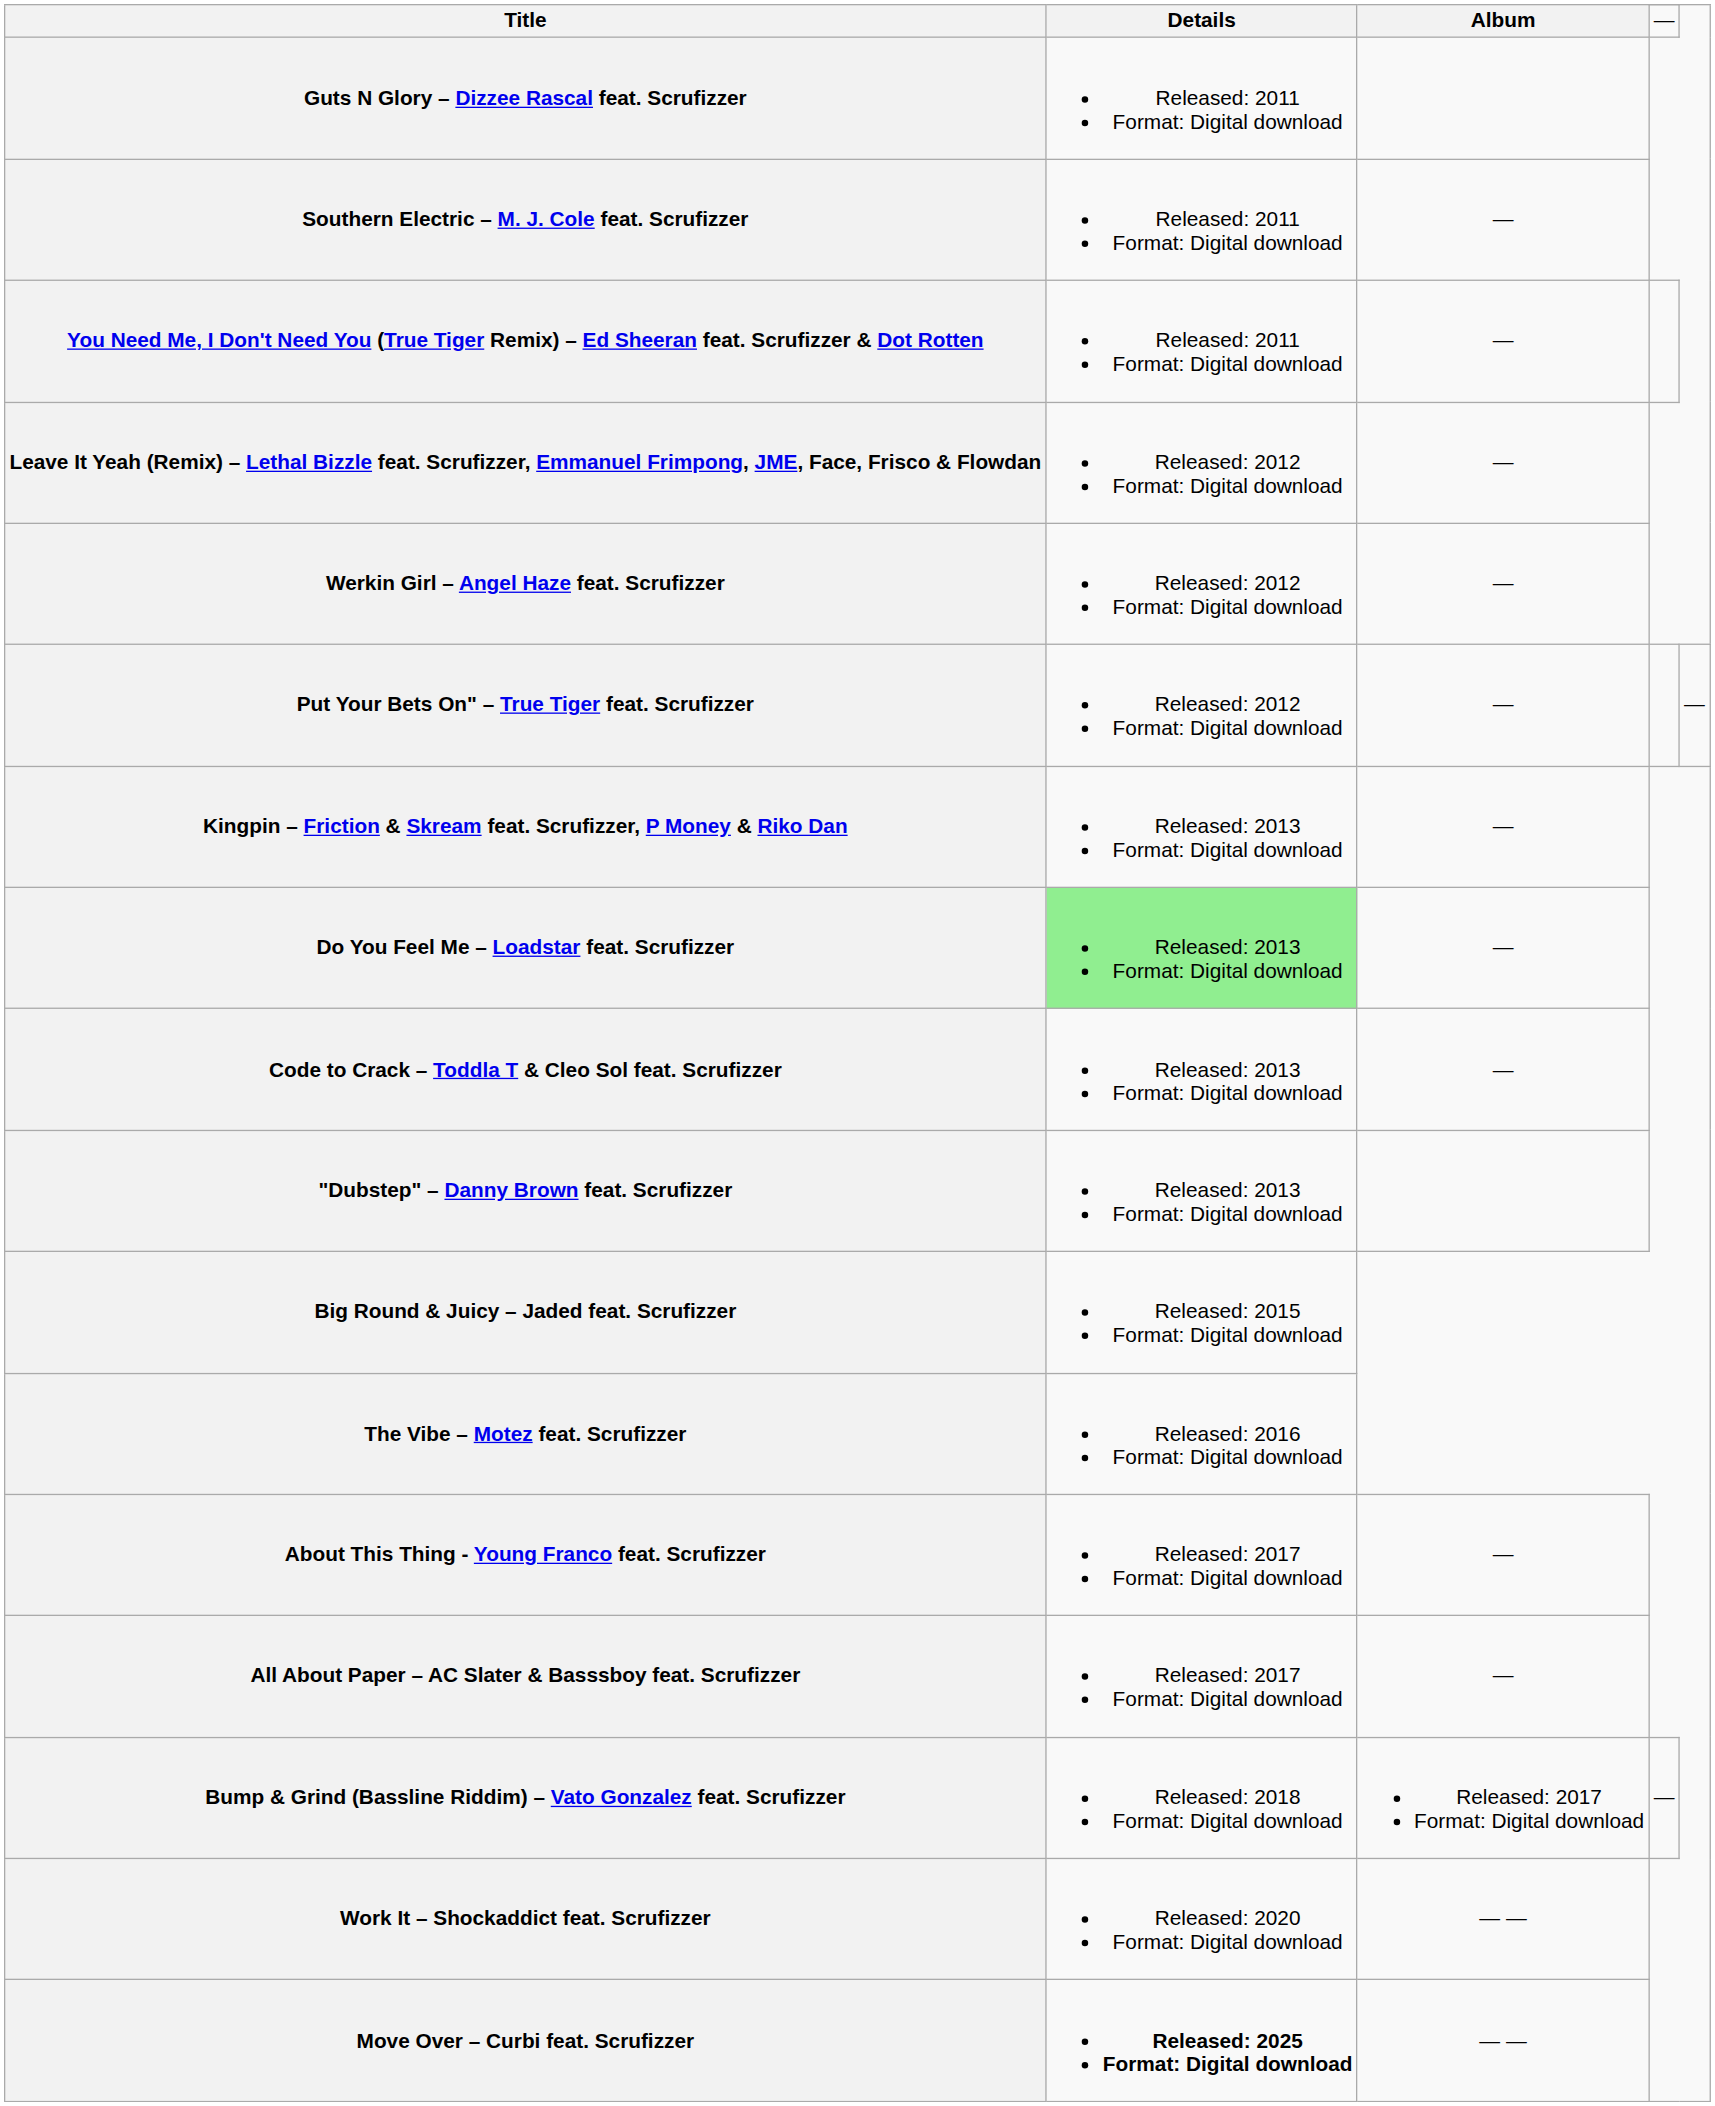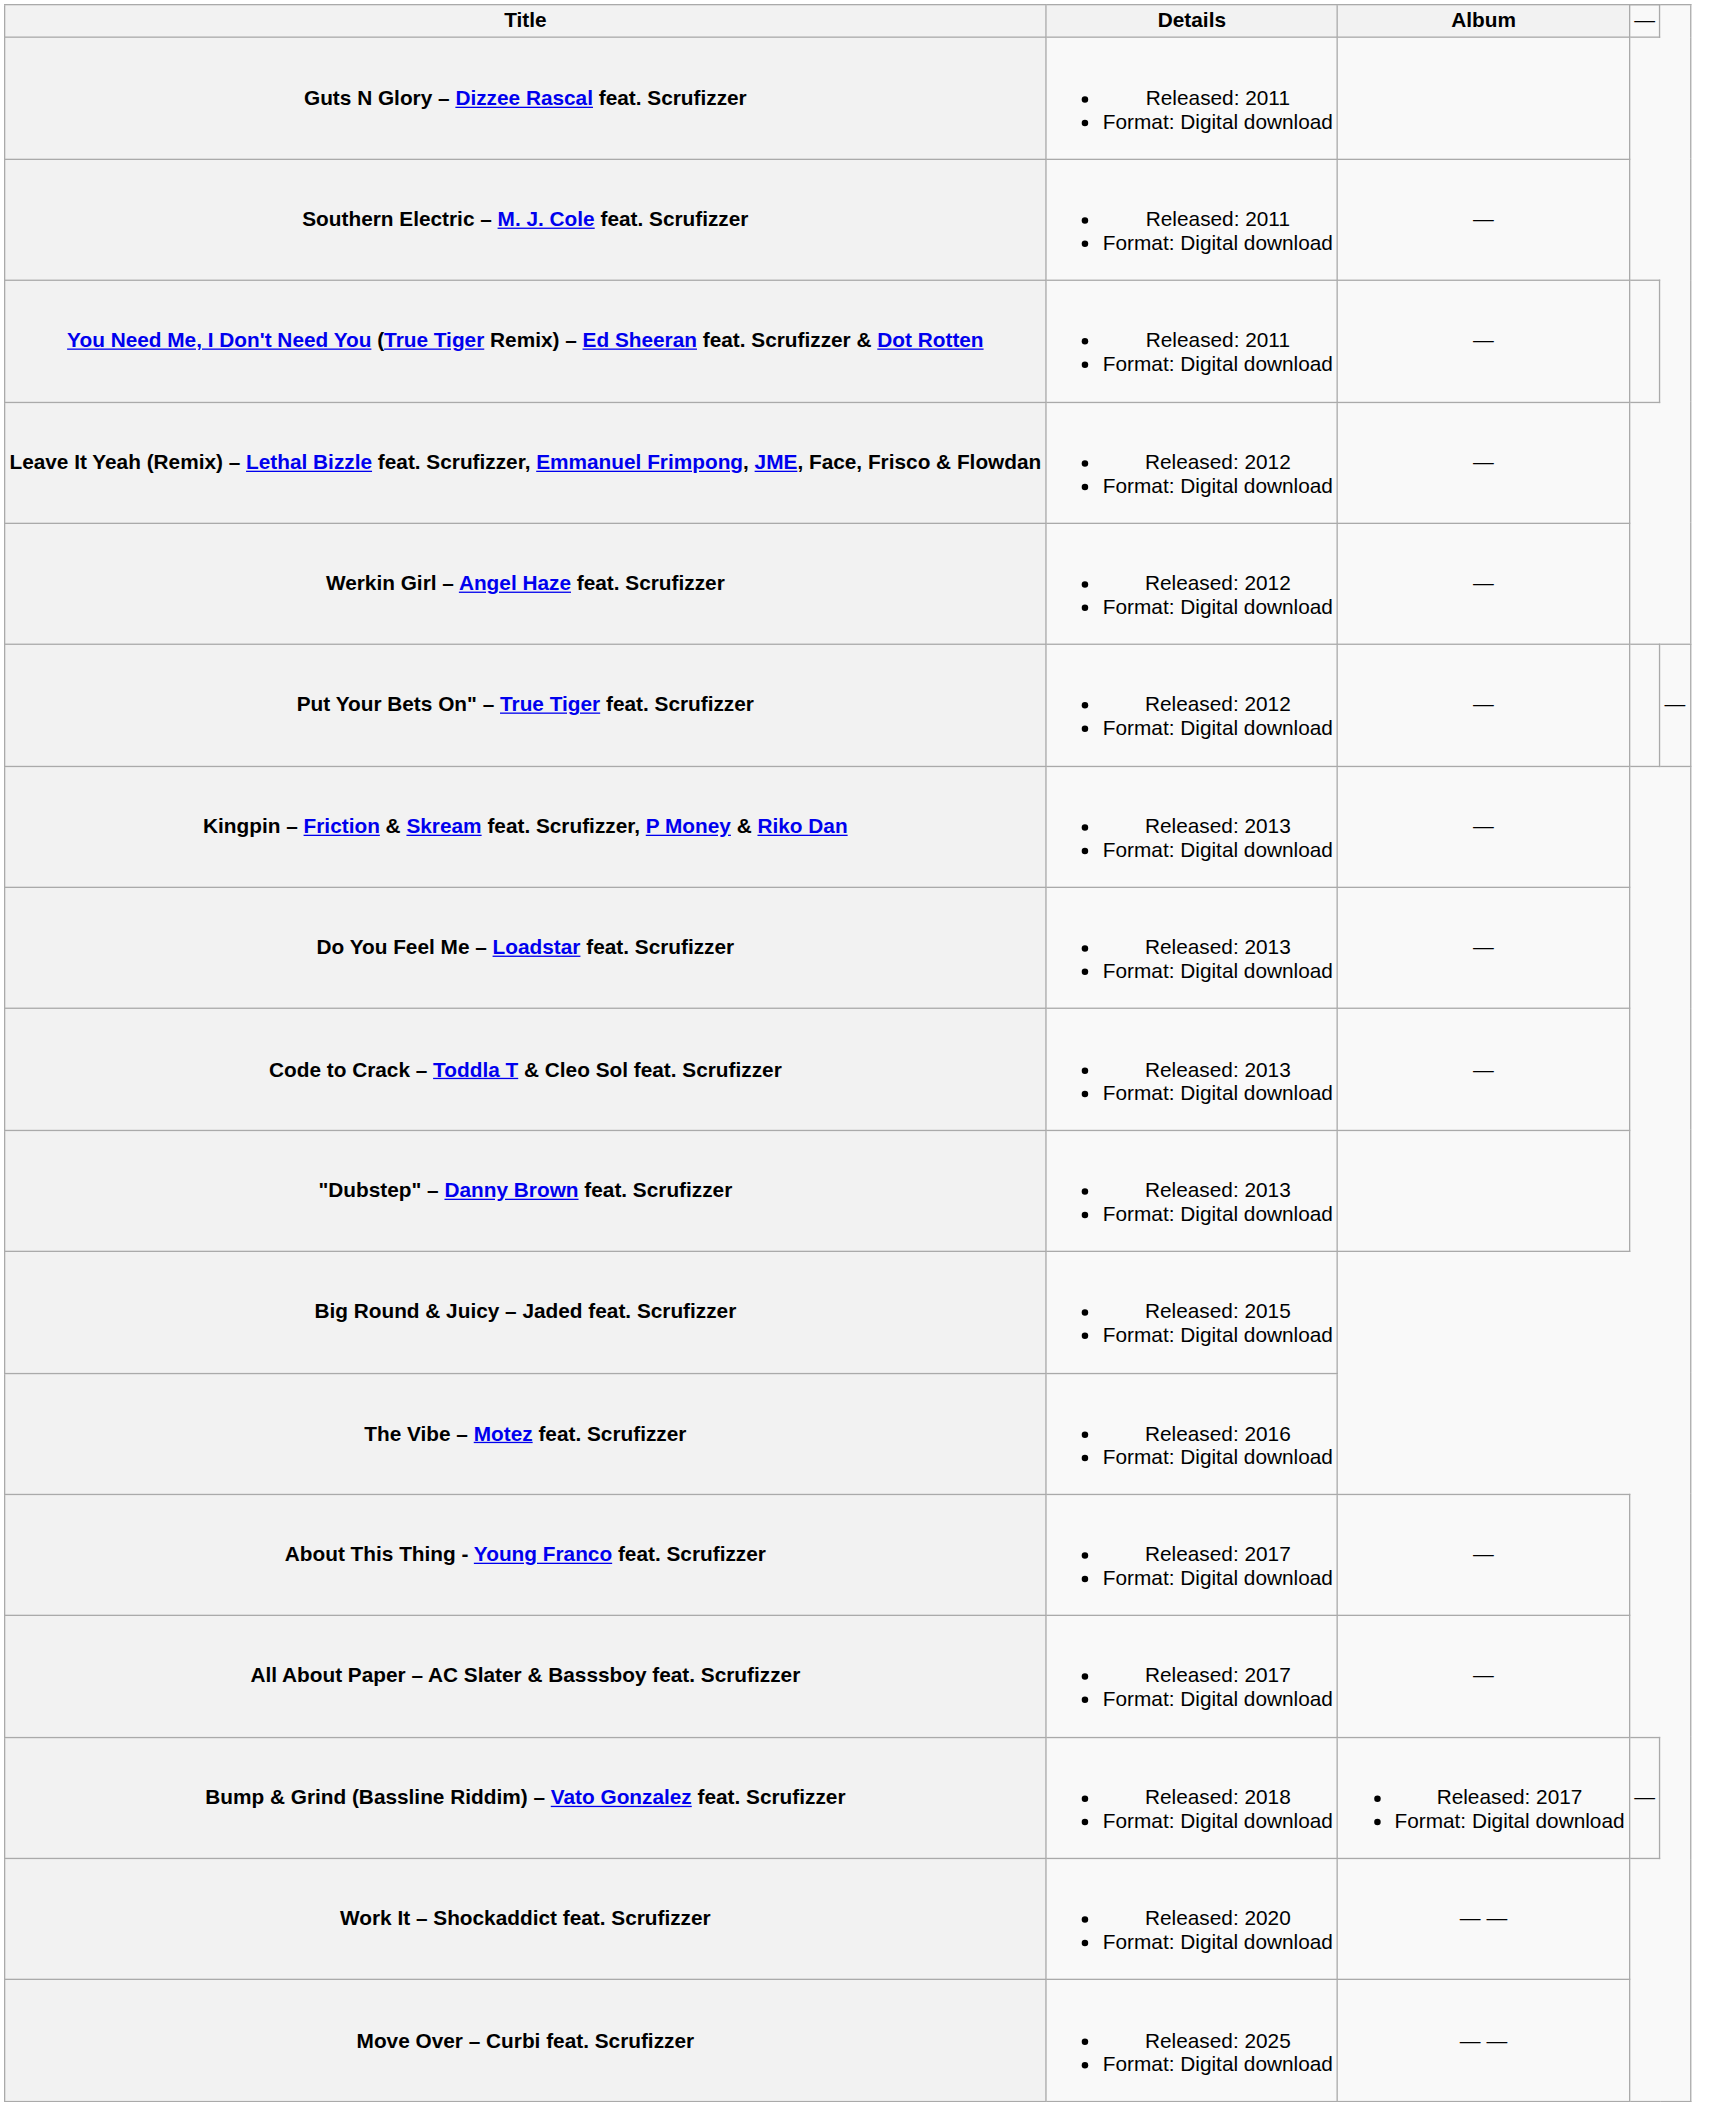 <table class="wikitable plainrowheaders" style="text-align:center;">
 <tr>
 <th scope="col" rowspan="2">Title</th>
 <th scope="col" rowspan="2">Details</th>
 <th scope="col" rowspan="2">Album</th>
 </tr>
 <tr>
 <td>—</td>
 </tr>
 <tr>
 <th scope="row">Guts N Glory – <a href='#'>Dizzee Rascal</a> feat. Scrufizzer</th>
 <td><br><ul><li>Released: 2011</li><li>Format: Digital download</li></ul></td>
 <td></td>
 </tr>
 <tr>
 <th scope="row">Southern Electric – <a href='#'>M. J. Cole</a> feat. Scrufizzer</th>
 <td><br><ul><li>Released: 2011</li><li>Format: Digital download</li></ul></td>
 <td>—</td>
 </tr>
 <tr>
 <th scope="row"><a href='#'>You Need Me, I Don't Need You</a> (<a href='#'>True Tiger</a> Remix) – <a href='#'>Ed Sheeran</a> feat. Scrufizzer & <a href='#'>Dot Rotten</a></th>
 <td><br><ul><li>Released: 2011</li><li>Format: Digital download</li></ul></td>
 <td>—</td>
 <td></td>
 </tr>
 <tr>
 <th scope="row">Leave It Yeah (Remix) – <a href='#'>Lethal Bizzle</a> feat. Scrufizzer, <a href='#'>Emmanuel Frimpong</a>, <a href='#'>JME</a>, Face, Frisco & Flowdan</th>
 <td><br><ul><li>Released: 2012</li><li>Format: Digital download</li></ul></td>
 <td>—</td>
 </tr>
 <tr>
 <th scope="row">Werkin Girl – <a href='#'>Angel Haze</a> feat. Scrufizzer</th>
 <td><br><ul><li>Released: 2012</li><li>Format: Digital download</li></ul></td>
 <td>—</td>
 </tr>
 <tr>
 <th scope="row">Put Your Bets On" – <a href='#'>True Tiger</a> feat. Scrufizzer</th>
 <td><br><ul><li>Released: 2012</li><li>Format: Digital download</li></ul></td>
 <td>—</td>
 <td></td>
 <td>—</td>
 </tr>
 <tr>
 <th scope="row">Kingpin – <a href='#'>Friction</a> & <a href='#'>Skream</a> feat. Scrufizzer, <a href='#'>P Money</a> & <a href='#'>Riko Dan</a></th>
 <td><br><ul><li>Released: 2013</li><li>Format: Digital download</li></ul></td>
 <td>—</td>
 </tr>
 <tr>
 <th scope="row">Do You Feel Me – <a href='#'>Loadstar</a> feat. Scrufizzer</th>
-<td style="background: lightgreen;"><br><ul><li>Released: 2013</li><li>Format: Digital download</li></ul></td>
+<td><br><ul><li>Released: 2013</li><li>Format: Digital download</li></ul></td>
 <td>—</td>
 </tr>
 <tr>
 <th scope="row">Code to Crack – <a href='#'>Toddla T</a> & Cleo Sol feat. Scrufizzer</th>
 <td><br><ul><li>Released: 2013</li><li>Format: Digital download</li></ul></td>
 <td>—</td>
 </tr>
 <tr>
 <th scope="row">"Dubstep" – <a href='#'>Danny Brown</a> feat. Scrufizzer</th>
 <td><br><ul><li>Released: 2013</li><li>Format: Digital download</li></ul></td>
 <td></td>
 </tr>
 <tr>
 <th scope="row">Big Round & Juicy – Jaded feat. Scrufizzer</th>
 <td><br><ul><li>Released: 2015</li><li>Format: Digital download</li></ul></td>
 </tr>
 <tr>
 <th scope="row">The Vibe – <a href='#'>Motez</a> feat. Scrufizzer</th>
 <td><br><ul><li>Released: 2016</li><li>Format: Digital download</li></ul></td>
 </tr>
 <tr>
 <th scope="row">About This Thing - <a href='#'>Young Franco</a> feat. Scrufizzer</th>
 <td><br><ul><li>Released: 2017</li><li>Format: Digital download</li></ul></td>
 <td>—</td>
 </tr>
 <tr>
 <th scope="row">All About Paper – AC Slater & Basssboy feat. Scrufizzer</th>
 <td><br><ul><li>Released: 2017</li><li>Format: Digital download</li></ul></td>
 <td>—</td>
 </tr>
 <tr>
 <th scope="row">Bump & Grind (Bassline Riddim) – <a href='#'>Vato Gonzalez</a> feat. Scrufizzer</th>
 <td><br><ul><li>Released: 2018</li><li>Format: Digital download</li></ul></td>
 <td><br><ul><li>Released: 2017</li><li>Format: Digital download</li></ul></td>
 <td>—</td>
 </tr>
 <tr>
 <th scope="row">Work It – Shockaddict feat. Scrufizzer</th>
 <td><br><ul><li>Released: 2020</li><li>Format: Digital download</li></ul></td>
 <td>— —</td>
 </tr>
 <tr>
 <th scope="row">Move Over – Curbi feat. Scrufizzer</th>
-<td><strong><br><ul><li>Released: 2025</li><li>Format: Digital download</li></ul></strong></td>
+<td><br><ul><li>Released: 2025</li><li>Format: Digital download</li></ul></td>
 <td>— —</td>
 </tr>
 </table>
